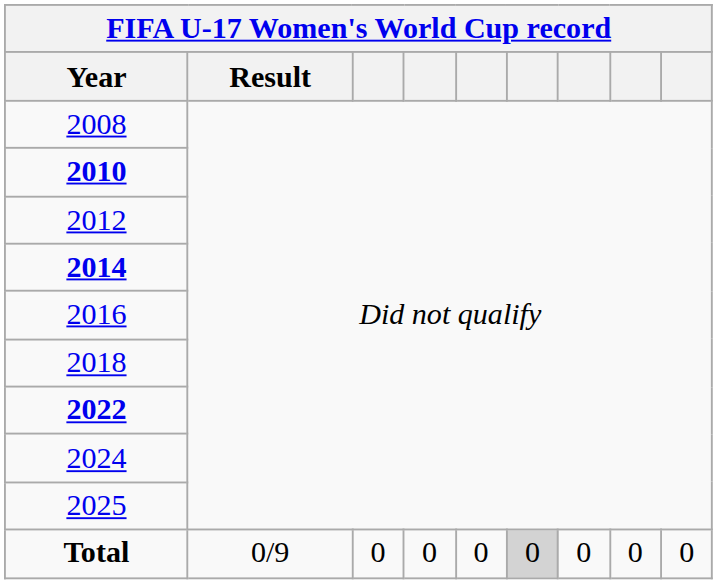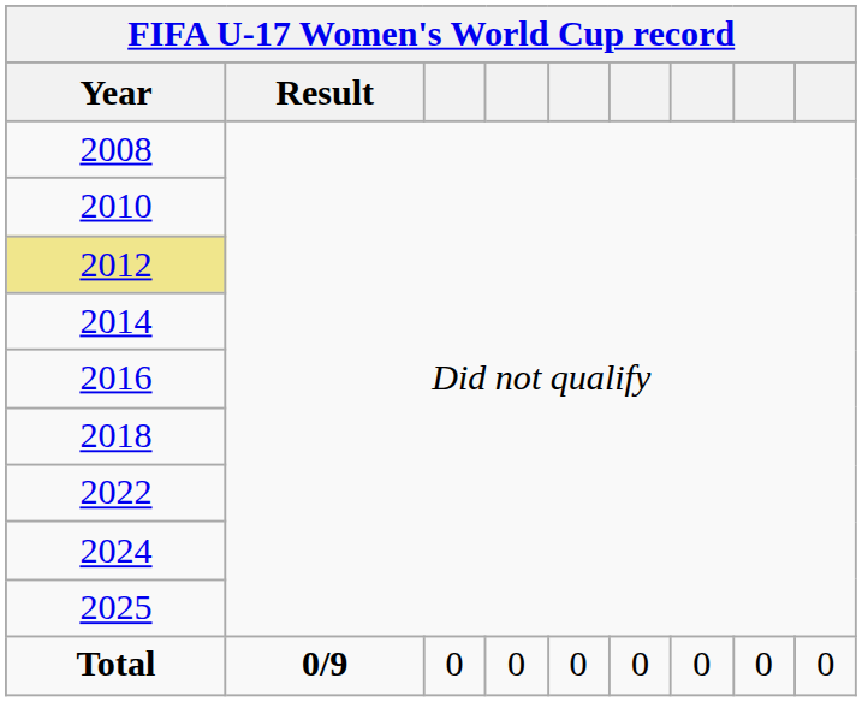 <table class="wikitable" style="text-align: center;">
 <tr>
 <th colspan="10"><a href='#'>FIFA U-17 Women's World Cup record</a></th>
 </tr>
 <tr>
 <th width="90">Year</th>
 <th width="80">Result</th>
 <th width="20"></th>
 <th width="20"></th>
 <th width="20"></th>
 <th width="20"></th>
 <th width="20"></th>
 <th width="20"></th>
 <th width=20></th>
 </tr>
 <tr>
 <td> <a href='#'>2008</a></td>
 <td colspan="8" rowspan="9"><em>Did not qualify</em></td>
 </tr>
 <tr>
-<td><strong> <a href='#'>2010</a></strong></td>
+<td> <a href='#'>2010</a></td>
 </tr>
 <tr>
-<td> <a href='#'>2012</a></td>
+<td style="background: khaki;"> <a href='#'>2012</a></td>
 </tr>
 <tr>
-<td><strong> <a href='#'>2014</a></strong></td>
+<td> <a href='#'>2014</a></td>
 </tr>
 <tr>
 <td> <a href='#'>2016</a></td>
 </tr>
 <tr>
 <td> <a href='#'>2018</a></td>
 </tr>
 <tr>
-<td><strong> <a href='#'>2022</a></strong></td>
+<td> <a href='#'>2022</a></td>
 </tr>
 <tr>
 <td> <a href='#'>2024</a></td>
 </tr>
 <tr>
 <td> <a href='#'>2025</a></td>
 </tr>
 <tr>
 <td><strong>Total</strong></td>
-<td>0/9</td>
+<td><strong>0/9</strong></td>
 <td>0</td>
 <td>0</td>
 <td>0</td>
-<td style="background: lightgrey;">0</td>
+<td>0</td>
 <td>0</td>
 <td>0</td>
 <td>0</td>
 </tr>
 </table>
